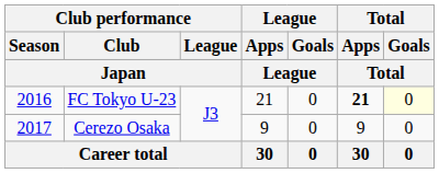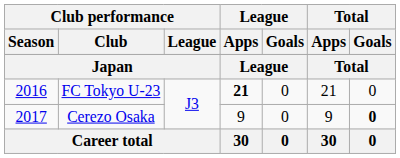 <table class="wikitable" style="text-align:center">
 <tr>
 <th colspan=3>Club performance</th>
 <th colspan=2>League</th>
 <th colspan=2>Total</th>
 </tr>
 <tr>
 <th>Season</th>
 <th>Club</th>
 <th>League</th>
 <th>Apps</th>
 <th>Goals</th>
 <th>Apps</th>
 <th>Goals</th>
 </tr>
 <tr>
 </tr>
 <tr>
 <th colspan=3>Japan</th>
 <th colspan=2>League</th>
 <th colspan=2>Total</th>
 </tr>
 <tr>
 <td><a href='#'>2016</a></td>
 <td><a href='#'>FC Tokyo U-23</a></td>
 <td rowspan=2><a href='#'>J3</a></td>
+<td><strong>21</strong></td>
+<td>0</td>
 <td>21</td>
 <td>0</td>
-<td><strong>21</strong></td>
-<td style="background: lightyellow;">0</td>
 </tr>
 <tr>
 <td><a href='#'>2017</a></td>
 <td><a href='#'>Cerezo Osaka</a></td>
 <td>9</td>
 <td>0</td>
 <td>9</td>
-<td>0</td>
+<td><strong>0</strong></td>
 </tr>
 <tr>
 <th colspan=3>Career total</th>
 <th>30</th>
 <th>0</th>
 <th>30</th>
 <th>0</th>
 </tr>
 </table>
